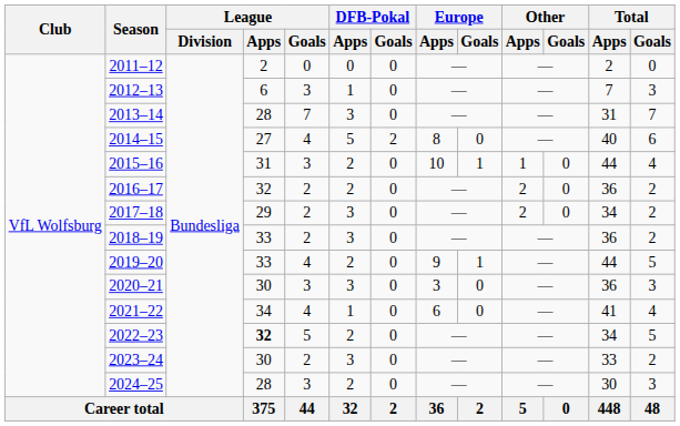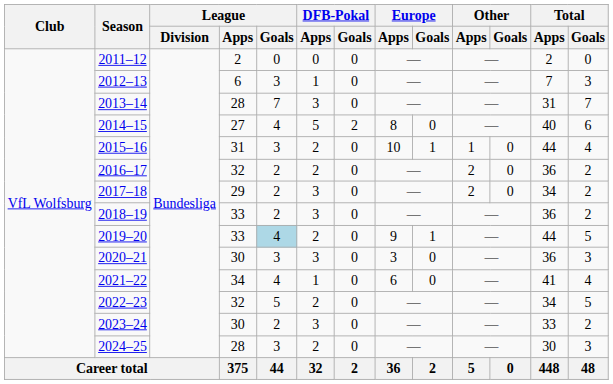 <table class=wikitable style="text-align: center;">
 <tr>
 <th rowspan=2>Club</th>
 <th rowspan=2>Season</th>
 <th colspan=3>League</th>
 <th colspan=2><a href='#'>DFB-Pokal</a></th>
 <th colspan=2><a href='#'>Europe</a></th>
 <th colspan=2>Other</th>
 <th colspan=2>Total</th>
 </tr>
 <tr>
 <th>Division</th>
 <th>Apps</th>
 <th>Goals</th>
 <th>Apps</th>
 <th>Goals</th>
 <th>Apps</th>
 <th>Goals</th>
 <th>Apps</th>
 <th>Goals</th>
 <th>Apps</th>
 <th>Goals</th>
 </tr>
 <tr>
 <td rowspan=14><a href='#'>VfL Wolfsburg</a></td>
 <td><a href='#'>2011–12</a></td>
 <td rowspan=14><a href='#'>Bundesliga</a></td>
 <td>2</td>
 <td>0</td>
 <td>0</td>
 <td>0</td>
 <td colspan=2>—</td>
 <td colspan=2>—</td>
 <td>2</td>
 <td>0</td>
 </tr>
 <tr>
 <td><a href='#'>2012–13</a></td>
 <td>6</td>
 <td>3</td>
 <td>1</td>
 <td>0</td>
 <td colspan=2>—</td>
 <td colspan=2>—</td>
 <td>7</td>
 <td>3</td>
 </tr>
 <tr>
 <td><a href='#'>2013–14</a></td>
 <td>28</td>
 <td>7</td>
 <td>3</td>
 <td>0</td>
 <td colspan=2>—</td>
 <td colspan=2>—</td>
 <td>31</td>
 <td>7</td>
 </tr>
 <tr>
 <td><a href='#'>2014–15</a></td>
 <td>27</td>
 <td>4</td>
 <td>5</td>
 <td>2</td>
 <td>8</td>
 <td>0</td>
 <td colspan=2>—</td>
 <td>40</td>
 <td>6</td>
 </tr>
 <tr>
 <td><a href='#'>2015–16</a></td>
 <td>31</td>
 <td>3</td>
 <td>2</td>
 <td>0</td>
 <td>10</td>
 <td>1</td>
 <td>1</td>
 <td>0</td>
 <td>44</td>
 <td>4</td>
 </tr>
 <tr>
 <td><a href='#'>2016–17</a></td>
 <td>32</td>
 <td>2</td>
 <td>2</td>
 <td>0</td>
 <td colspan=2>—</td>
 <td>2</td>
 <td>0</td>
 <td>36</td>
 <td>2</td>
 </tr>
 <tr>
 <td><a href='#'>2017–18</a></td>
 <td>29</td>
 <td>2</td>
 <td>3</td>
 <td>0</td>
 <td colspan=2>—</td>
 <td>2</td>
 <td>0</td>
 <td>34</td>
 <td>2</td>
 </tr>
 <tr>
 <td><a href='#'>2018–19</a></td>
 <td>33</td>
 <td>2</td>
 <td>3</td>
 <td>0</td>
 <td colspan=2>—</td>
 <td colspan=2>—</td>
 <td>36</td>
 <td>2</td>
 </tr>
 <tr>
 <td><a href='#'>2019–20</a></td>
 <td>33</td>
-<td>4</td>
+<td style="background: lightblue;">4</td>
 <td>2</td>
 <td>0</td>
 <td>9</td>
 <td>1</td>
 <td colspan=2>—</td>
 <td>44</td>
 <td>5</td>
 </tr>
 <tr>
 <td><a href='#'>2020–21</a></td>
 <td>30</td>
 <td>3</td>
 <td>3</td>
 <td>0</td>
 <td>3</td>
 <td>0</td>
 <td colspan=2>—</td>
 <td>36</td>
 <td>3</td>
 </tr>
 <tr>
 <td><a href='#'>2021–22</a></td>
 <td>34</td>
 <td>4</td>
 <td>1</td>
 <td>0</td>
 <td>6</td>
 <td>0</td>
 <td colspan=2>—</td>
 <td>41</td>
 <td>4</td>
 </tr>
 <tr>
 <td><a href='#'>2022–23</a></td>
-<td><strong>32</strong></td>
+<td>32</td>
 <td>5</td>
 <td>2</td>
 <td>0</td>
 <td colspan=2>—</td>
 <td colspan=2>—</td>
 <td>34</td>
 <td>5</td>
 </tr>
 <tr>
 <td><a href='#'>2023–24</a></td>
 <td>30</td>
 <td>2</td>
 <td>3</td>
 <td>0</td>
 <td colspan=2>—</td>
 <td colspan=2>—</td>
 <td>33</td>
 <td>2</td>
 </tr>
 <tr>
 <td><a href='#'>2024–25</a></td>
 <td>28</td>
 <td>3</td>
 <td>2</td>
 <td>0</td>
 <td colspan=2>—</td>
 <td colspan=2>—</td>
 <td>30</td>
 <td>3</td>
 </tr>
 <tr>
 <th colspan=3>Career total</th>
 <th>375</th>
 <th>44</th>
 <th>32</th>
 <th>2</th>
 <th>36</th>
 <th>2</th>
 <th>5</th>
 <th>0</th>
 <th>448</th>
 <th>48</th>
 </tr>
 </table>
